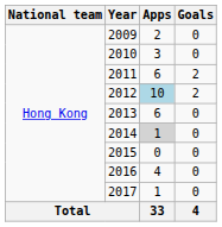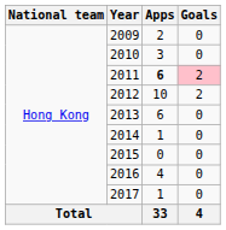 <table class="wikitable" style="text-align:center">
 <tr>
 <th>National team</th>
 <th>Year</th>
 <th>Apps</th>
 <th>Goals</th>
 </tr>
 <tr>
 <td rowspan="9"><a href='#'>Hong Kong</a></td>
 <td>2009</td>
 <td>2</td>
 <td>0</td>
 </tr>
 <tr>
 <td>2010</td>
 <td>3</td>
 <td>0</td>
 </tr>
 <tr>
 <td>2011</td>
-<td>6</td>
-<td>2</td>
+<td><strong>6</strong></td>
+<td style="background: pink;">2</td>
 </tr>
 <tr>
 <td>2012</td>
-<td style="background: lightblue;">10</td>
+<td>10</td>
 <td>2</td>
 </tr>
 <tr>
 <td>2013</td>
 <td>6</td>
 <td>0</td>
 </tr>
 <tr>
 <td>2014</td>
-<td style="background: lightgrey;">1</td>
+<td>1</td>
 <td>0</td>
 </tr>
 <tr>
 <td>2015</td>
 <td>0</td>
 <td>0</td>
 </tr>
 <tr>
 <td>2016</td>
 <td>4</td>
 <td>0</td>
 </tr>
 <tr>
 <td>2017</td>
 <td>1</td>
 <td>0</td>
 </tr>
 <tr>
 <th colspan="2">Total</th>
 <th>33</th>
 <th>4</th>
 </tr>
 </table>
